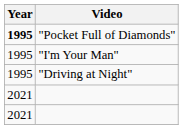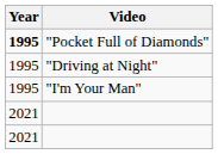 <table class="wikitable">
 <tr>
 <th>Year</th>
 <th>Video</th>
 </tr>
 <tr>
 <td><strong>1995</strong></td>
 <td>"Pocket Full of Diamonds"</td>
 </tr>
 <tr>
 <td>1995</td>
-<td>"I'm Your Man"</td>
+<td>"Driving at Night"</td>
 </tr>
 <tr>
 <td>1995</td>
-<td>"Driving at Night"</td>
+<td>"I'm Your Man"</td>
 </tr>
 <tr>
 <td>2021</td>
 <td></td>
 </tr>
 <tr>
 <td>2021</td>
 <td></td>
 </tr>
 </table>
